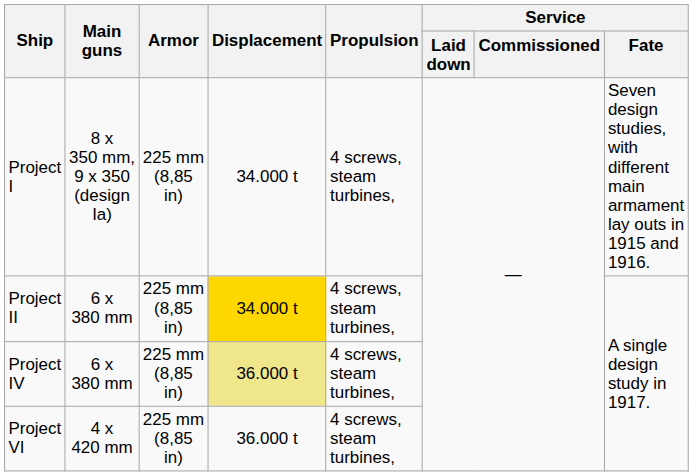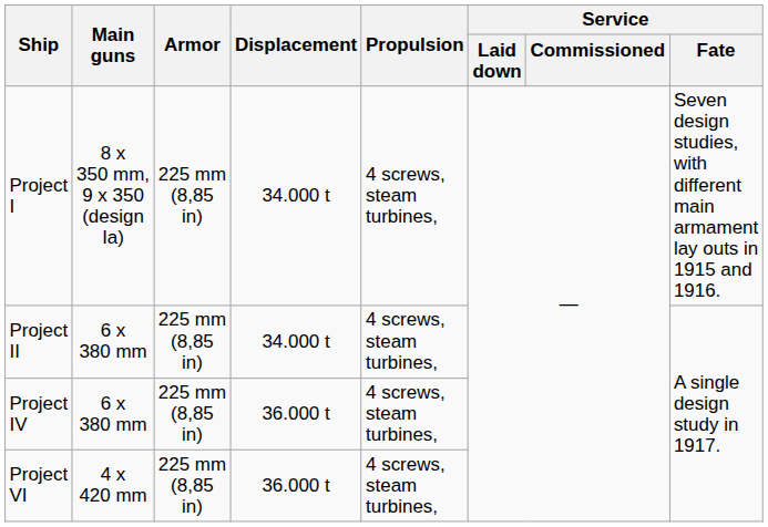 <table class="wikitable" style="width: 100%;">
 <tr valign="center" |- valign="center">
 <th width="10%" align="center" rowspan="2">Ship </th>
 <th width="13%" align="center" rowspan="2">Main guns</th>
 <th width="8%" align="center" rowspan="2">Armor</th>
 <th width="10%" align="center" rowspan="2">Displacement</th>
 <th width="15%" align="center" rowspan="2">Propulsion</th>
 <th width="30%" align="center" colspan="3">Service</th>
 </tr>
 <tr valign="top">
 <th width="12%" align="center">Laid down</th>
 <th width="10%" align="center">Commissioned</th>
 <th width="30%" align="center">Fate</th>
 </tr>
 <tr valign="center">
 <td align="left">Project I</td>
 <td align="center">8 x 350 mm,<br>9 x 350<br>(design Ia)</td>
 <td align="center">225 mm (8,85 in)</td>
 <td align="center">34.000 t</td>
 <td align="left">4 screws, steam turbines, </td>
 <td colspan="2" rowspan="4" align="center">—</td>
 <td align="left">Seven design studies, with different main armament lay outs in 1915 and 1916.</td>
 </tr>
 <tr valign="center">
 <td align="left">Project II</td>
 <td align="center">6 x 380 mm</td>
 <td align="center">225 mm (8,85 in)</td>
-<td align="center" style="background: gold;">34.000 t</td>
+<td align="center">34.000 t</td>
 <td align="left">4 screws, steam turbines, </td>
 <td rowspan="3" align="left">A single design study in 1917.</td>
 </tr>
 <tr valign="center">
 <td align="left">Project IV</td>
 <td align="center">6 x 380 mm</td>
 <td align="center">225 mm (8,85 in)</td>
-<td align="center" style="background: khaki;">36.000 t</td>
+<td align="center">36.000 t</td>
 <td align="left">4 screws, steam turbines, </td>
 </tr>
 <tr valign="center">
 <td align="left">Project VI</td>
 <td align="center">4 x 420 mm</td>
 <td align="center">225 mm (8,85 in)</td>
 <td align="center">36.000 t</td>
 <td align="left">4 screws, steam turbines, </td>
 </tr>
 </table>
